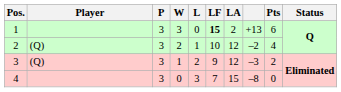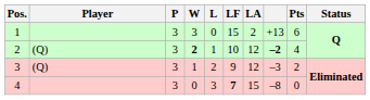 <table class="wikitable" style="text-align:center; margin: 1em auto 1em auto, align:left">
 <tr>
 <th width=20>Pos.</th>
 <th width=185>Player</th>
 <th width=20>P</th>
 <th width=20>W</th>
 <th width=20>L</th>
 <th width=20>LF</th>
 <th width=20>LA</th>
 <th width=25></th>
 <th width=20>Pts</th>
 <th width=70>Status</th>
 </tr>
 <tr style="background:#CCFFCC;">
 <td>1</td>
 <td style="text-align:left"></td>
 <td>3</td>
 <td>3</td>
 <td>0</td>
-<td><strong>15</strong></td>
+<td>15</td>
 <td>2</td>
 <td>+13</td>
 <td>6</td>
 <td rowspan=2><strong>Q</strong></td>
 </tr>
 <tr style="background:#CCFFCC;">
 <td>2</td>
 <td style="text-align:left"> (Q)</td>
 <td>3</td>
-<td>2</td>
+<td><strong>2</strong></td>
 <td>1</td>
 <td>10</td>
 <td>12</td>
-<td>–2</td>
+<td><strong>–2</strong></td>
 <td>4</td>
 </tr>
 <tr style="background:#FFCCCC;">
 <td>3</td>
 <td style="text-align:left"> (Q)</td>
 <td>3</td>
 <td>1</td>
 <td>2</td>
 <td>9</td>
 <td>12</td>
 <td>–3</td>
 <td>2</td>
 <td rowspan=2><strong>Eliminated</strong></td>
 </tr>
 <tr style="background:#FFCCCC;">
 <td>4</td>
 <td style="text-align:left"></td>
 <td>3</td>
 <td>0</td>
 <td>3</td>
-<td>7</td>
+<td><strong>7</strong></td>
 <td>15</td>
 <td>–8</td>
 <td>0</td>
 </tr>
 </table>
